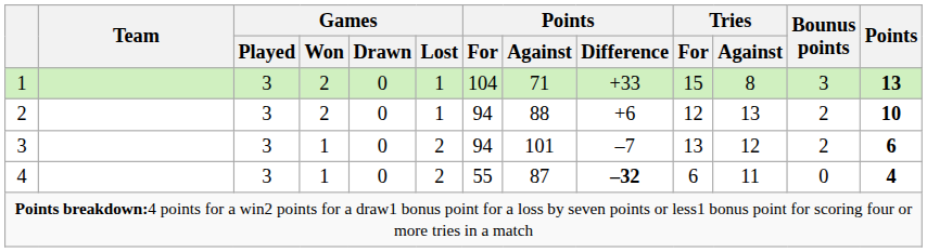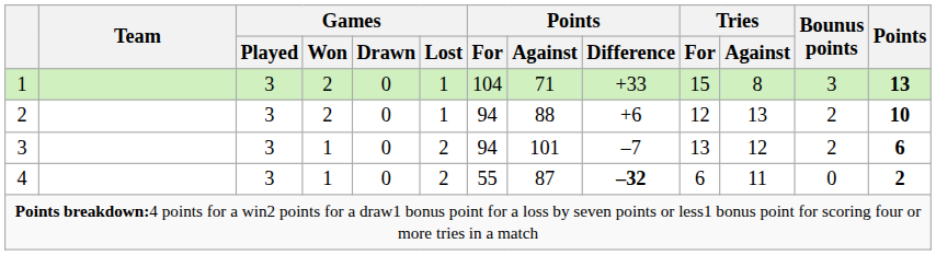 <table class="wikitable" style="text-align: center;">
 <tr>
 <th rowspan="2" width="20" bgcolor="#efefef"></th>
 <th rowspan="2" width="150" bgcolor="#efefef">Team</th>
 <th colspan="4" width="100" bgcolor="#efefef">Games</th>
 <th colspan="3" width="60" bgcolor="#efefef">Points</th>
 <th colspan="2" width="40" bgcolor="#efefef">Tries</th>
 <th rowspan="2" width="40" bgcolor="#efefef">Bounus points</th>
 <th rowspan="2" width="20" bgcolor="#efefef">Points</th>
 </tr>
 <tr>
 <th width="20" bgcolor="#efefef">Played</th>
 <th width="20" bgcolor="#efefef">Won</th>
 <th width="20" bgcolor="#efefef">Drawn</th>
 <th width="20" bgcolor="#efefef">Lost</th>
 <th width="20" bgcolor="#efefef">For</th>
 <th width="20" bgcolor="#efefef">Against</th>
 <th width="20" bgcolor="#efefef">Difference</th>
 <th width="20" bgcolor="#efefef">For</th>
 <th width="20" bgcolor="#efefef">Against</th>
 </tr>
 <tr style="background:#D0F0C0; text-align:center;">
 <td>1</td>
 <td align="left"></td>
 <td>3</td>
 <td>2</td>
 <td>0</td>
 <td>1</td>
 <td>104</td>
 <td>71</td>
 <td>+33</td>
 <td>15</td>
 <td>8</td>
 <td>3</td>
 <td><strong>13</strong></td>
 </tr>
 <tr style="background:#fff; text-align:center;">
 <td>2</td>
 <td align="left"></td>
 <td>3</td>
 <td>2</td>
 <td>0</td>
 <td>1</td>
 <td>94</td>
 <td>88</td>
 <td>+6</td>
 <td>12</td>
 <td>13</td>
 <td>2</td>
 <td><strong>10</strong></td>
 </tr>
 <tr style="background:#fff; text-align:center;">
 <td>3</td>
 <td align="left"></td>
 <td>3</td>
 <td>1</td>
 <td>0</td>
 <td>2</td>
 <td>94</td>
 <td>101</td>
 <td>–7</td>
 <td>13</td>
 <td>12</td>
 <td>2</td>
 <td><strong>6</strong></td>
 </tr>
 <tr style="background:#fff; text-align:center;">
 <td>4</td>
 <td align="left"></td>
 <td>3</td>
 <td>1</td>
 <td>0</td>
 <td>2</td>
 <td>55</td>
 <td>87</td>
 <td><strong>–32</strong></td>
 <td>6</td>
 <td>11</td>
 <td>0</td>
-<td><strong>4</strong></td>
+<td><strong>2</strong></td>
 </tr>
 <tr>
 <td colspan="13" style="border:0;"><small><strong>Points breakdown:</strong></small><small>4 points for a win</small><small>2 points for a draw</small><small>1 bonus point for a loss by seven points or less</small><small>1 bonus point for scoring four or more tries in a match</small></td>
 </tr>
 </table>
